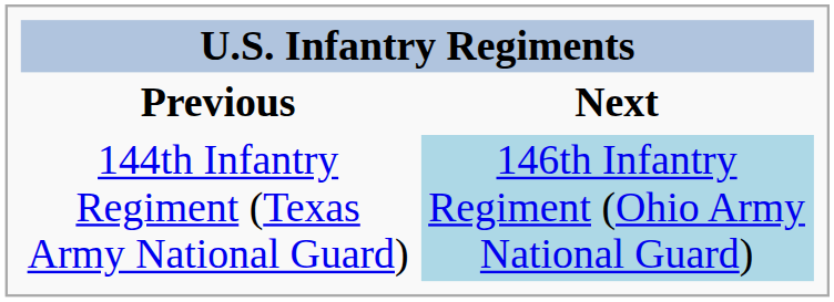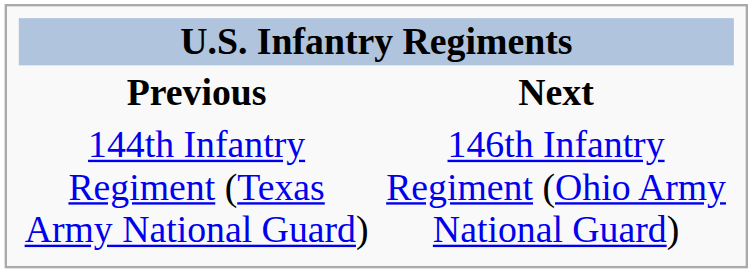 <table class="infobox" style="text-align:center; width: 315px; border-spacing: 2px;">
 <tr style="background: lightsteelblue; text-align: center;">
 <th colspan="2">U.S. Infantry Regiments</th>
 </tr>
 <tr style="text-align: center;">
 <th width="50%">Previous</th>
 <th width="50%">Next</th>
 </tr>
 <tr>
 <td width="50%" style="text-align: center;"><a href='#'>144th Infantry Regiment</a> (<a href='#'>Texas Army National Guard</a>)</td>
-<td width="50%" style="background: lightblue; text-align: center;"><a href='#'>146th Infantry Regiment</a> (<a href='#'>Ohio Army National Guard</a>)</td>
+<td width="50%" style="text-align: center;"><a href='#'>146th Infantry Regiment</a> (<a href='#'>Ohio Army National Guard</a>)</td>
 </tr>
 </table>
